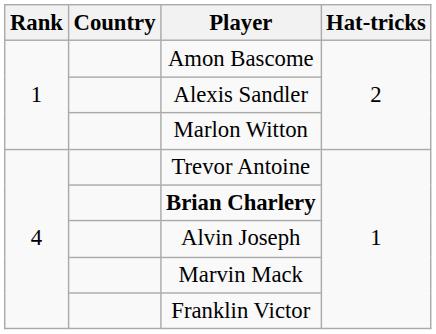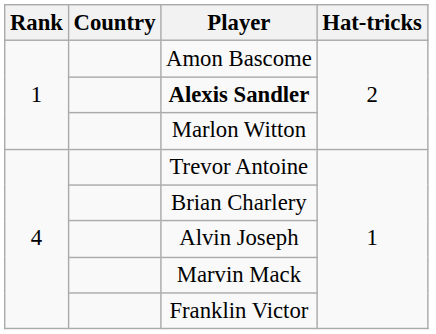 <table class="wikitable" style="text-align:center;">
 <tr>
 <th>Rank</th>
 <th>Country</th>
 <th>Player</th>
 <th>Hat-tricks</th>
 </tr>
 <tr>
 <td rowspan=3>1</td>
 <td></td>
 <td>Amon Bascome</td>
 <td rowspan=3>2</td>
 </tr>
 <tr>
 <td></td>
-<td>Alexis Sandler</td>
+<td><strong>Alexis Sandler</strong></td>
 </tr>
 <tr>
 <td></td>
 <td>Marlon Witton</td>
 </tr>
 <tr>
 <td rowspan=10>4</td>
 <td></td>
 <td>Trevor Antoine</td>
 <td rowspan=10>1</td>
 </tr>
 <tr>
 <td></td>
-<td><strong>Brian Charlery</strong></td>
+<td>Brian Charlery</td>
 </tr>
 <tr>
 <td></td>
 <td>Alvin Joseph</td>
 </tr>
 <tr>
 <td></td>
 <td>Marvin Mack</td>
 </tr>
 <tr>
 <td></td>
 <td>Franklin Victor</td>
 </tr>
 </table>
